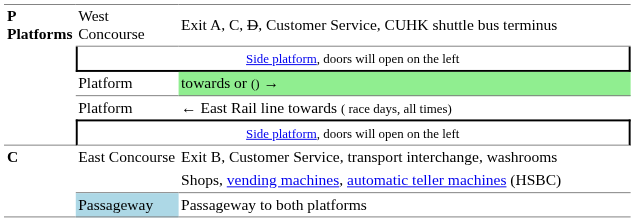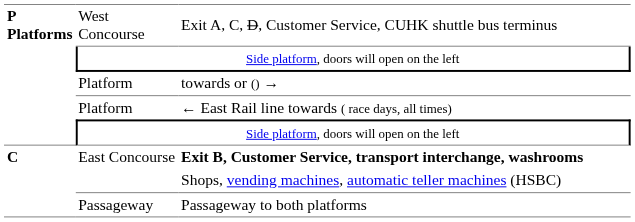 <table border=0 cellspacing=0 cellpadding=3>
 <tr>
 <td style="border-top:solid 1px gray;border-bottom:solid 1px gray;width:50px;vertical-align:top;" rowspan=5><strong>P<br>Platforms</strong></td>
 <td style="border-top:solid 1px gray;border-bottom:solid 1px gray;width:100px;">West Concourse</td>
 <td style="border-top:solid 1px gray;border-bottom:solid 1px gray;width:460px;">Exit A, C, <s>D</s>, Customer Service, CUHK shuttle bus terminus</td>
 </tr>
 <tr>
 <td style="border-right:solid 2px black;border-left:solid 2px black;border-bottom:solid 2px black;text-align:center;" colspan=2><small><a href='#'>Side platform</a>, doors will open on the left</small></td>
 </tr>
 <tr>
 <td style="border-bottom:solid 1px gray;">Platform </td>
-<td style="background: lightgreen; border-bottom:solid 1px gray;">  towards  or  <small>()</small> →</td>
+<td style="border-bottom:solid 1px gray;">  towards  or  <small>()</small> →</td>
 </tr>
 <tr>
 <td>Platform </td>
 <td>←  East Rail line towards  <small>( race days,  all times)</small></td>
 </tr>
 <tr>
 <td style="border-top:solid 2px black;border-right:solid 2px black;border-left:solid 2px black;border-bottom:solid 1px gray;text-align:center;" colspan=2><small><a href='#'>Side platform</a>, doors will open on the left</small></td>
 </tr>
 <tr>
 <td style="border-bottom:solid 1px gray;vertical-align:top;" rowspan=3><strong>C</strong></td>
 <td style="border-bottom:solid 1px gray;vertical-align:top;" rowspan=2>East Concourse</td>
-<td>Exit B, Customer Service, transport interchange, washrooms</td>
+<td><strong>Exit B, Customer Service, transport interchange, washrooms</strong></td>
 </tr>
 <tr>
 <td style="border-bottom:solid 1px gray;">Shops, <a href='#'>vending machines</a>, <a href='#'>automatic teller machines</a> (HSBC)</td>
 </tr>
 <tr>
-<td style="background: lightblue; border-bottom:solid 1px gray;">Passageway</td>
+<td style="border-bottom:solid 1px gray;">Passageway</td>
 <td style="border-bottom:solid 1px gray;">Passageway to both platforms</td>
 </tr>
 </table>
